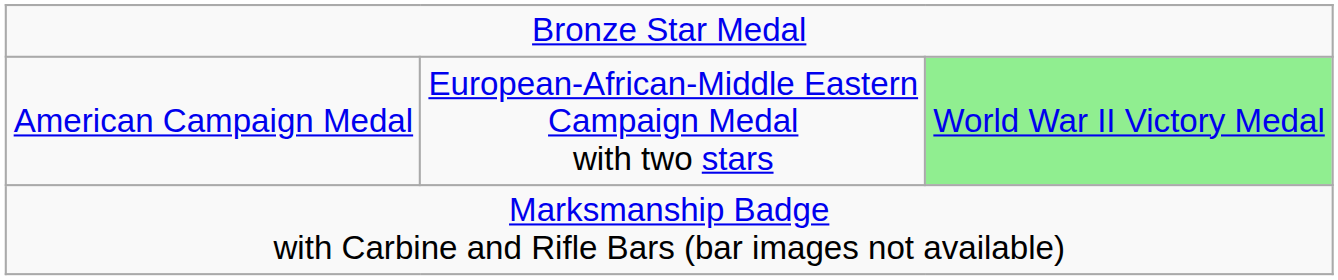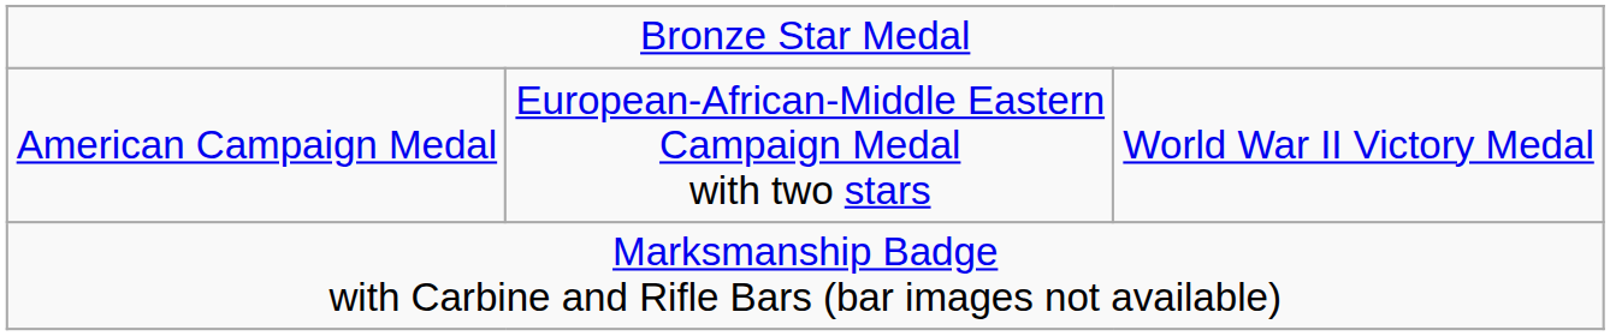 <table class="wikitable" style="margin:1em auto; text-align:center;">
 <tr>
 <td colspan="3"><a href='#'>Bronze Star Medal</a></td>
 </tr>
 <tr>
 <td><a href='#'>American Campaign Medal</a></td>
 <td><a href='#'>European-African-Middle Eastern<br>Campaign Medal</a><br>with two <a href='#'>stars</a></td>
-<td style="background: lightgreen;"><a href='#'>World War II Victory Medal</a></td>
+<td><a href='#'>World War II Victory Medal</a></td>
 </tr>
 <tr>
 <td colspan="3"><a href='#'>Marksmanship Badge</a><br>with Carbine and Rifle Bars (bar images not available)</td>
 </tr>
 </table>
